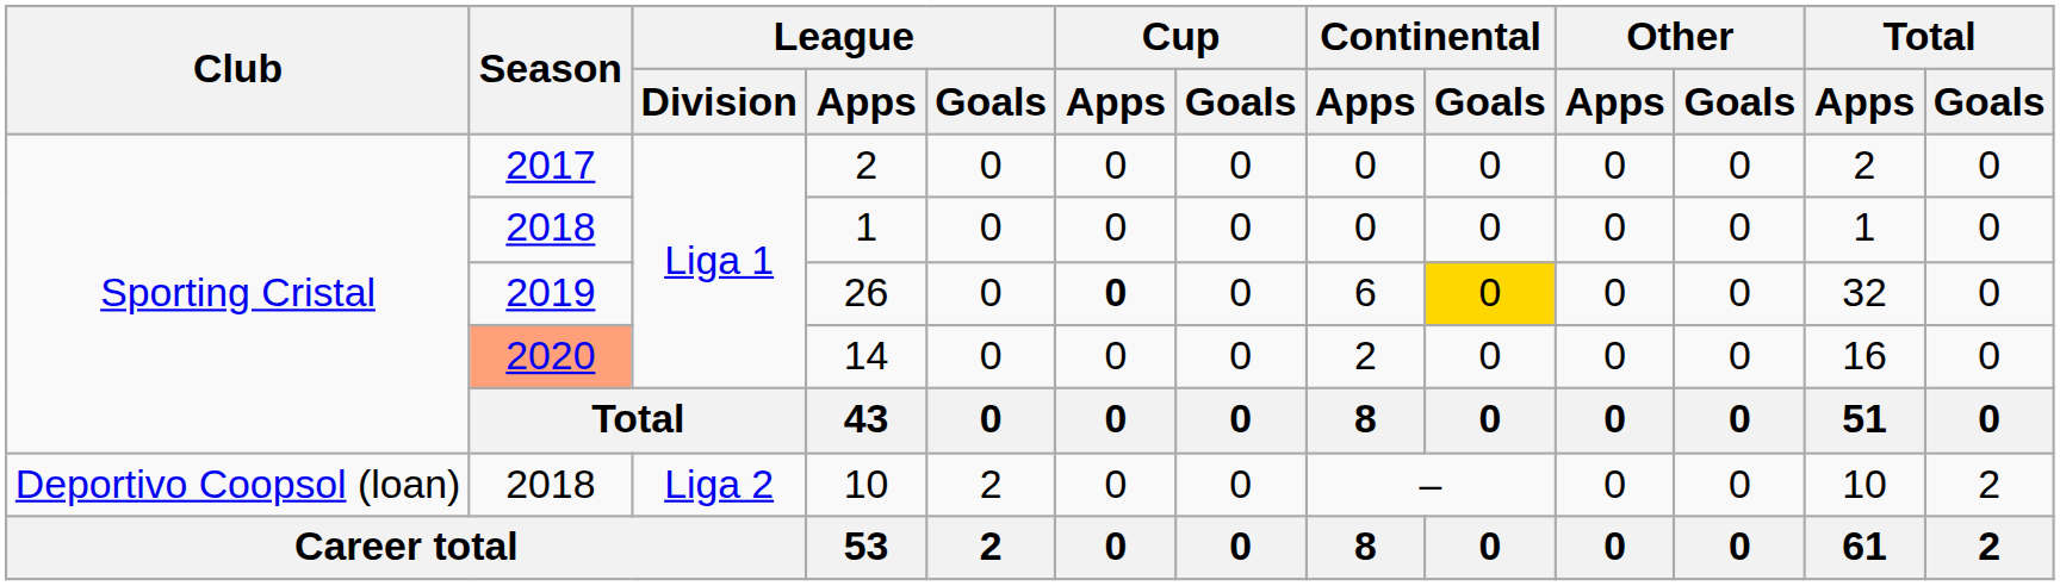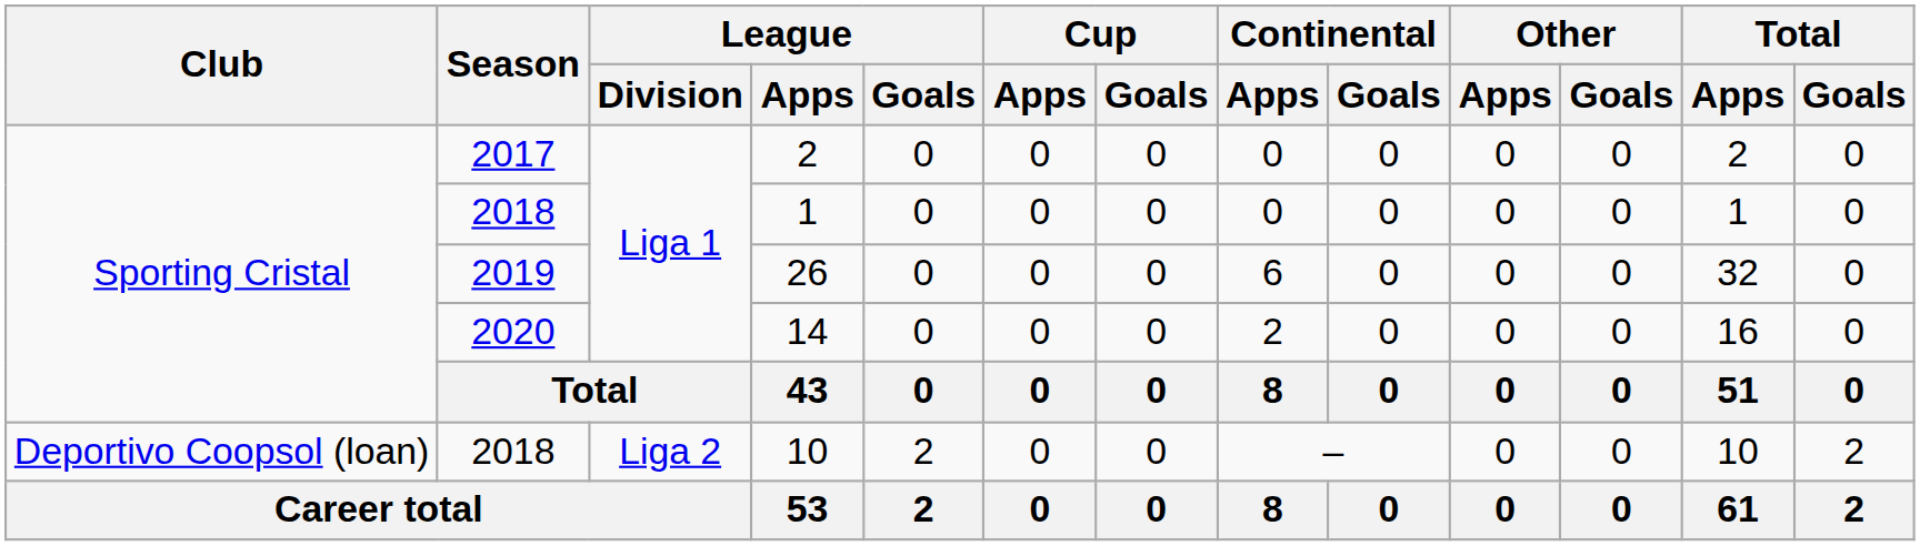 <table class="wikitable" style="text-align: center">
 <tr>
 <th rowspan="2">Club</th>
 <th rowspan="2">Season</th>
 <th colspan="3">League</th>
 <th colspan="2">Cup</th>
 <th colspan="2">Continental</th>
 <th colspan="2">Other</th>
 <th colspan="2">Total</th>
 </tr>
 <tr>
 <th>Division</th>
 <th>Apps</th>
 <th>Goals</th>
 <th>Apps</th>
 <th>Goals</th>
 <th>Apps</th>
 <th>Goals</th>
 <th>Apps</th>
 <th>Goals</th>
 <th>Apps</th>
 <th>Goals</th>
 </tr>
 <tr>
 <td rowspan="5"><a href='#'>Sporting Cristal</a></td>
 <td><a href='#'>2017</a></td>
 <td rowspan="4"><a href='#'>Liga 1</a></td>
 <td>2</td>
 <td>0</td>
 <td>0</td>
 <td>0</td>
 <td>0</td>
 <td>0</td>
 <td>0</td>
 <td>0</td>
 <td>2</td>
 <td>0</td>
 </tr>
 <tr>
 <td><a href='#'>2018</a></td>
 <td>1</td>
 <td>0</td>
 <td>0</td>
 <td>0</td>
 <td>0</td>
 <td>0</td>
 <td>0</td>
 <td>0</td>
 <td>1</td>
 <td>0</td>
 </tr>
 <tr>
 <td><a href='#'>2019</a></td>
 <td>26</td>
 <td>0</td>
-<td><strong>0</strong></td>
+<td>0</td>
 <td>0</td>
 <td>6</td>
-<td style="background: gold;">0</td>
+<td>0</td>
 <td>0</td>
 <td>0</td>
 <td>32</td>
 <td>0</td>
 </tr>
 <tr>
-<td style="background: lightsalmon;"><a href='#'>2020</a></td>
+<td><a href='#'>2020</a></td>
 <td>14</td>
 <td>0</td>
 <td>0</td>
 <td>0</td>
 <td>2</td>
 <td>0</td>
 <td>0</td>
 <td>0</td>
 <td>16</td>
 <td>0</td>
 </tr>
 <tr>
 <th colspan="2"><strong>Total</strong></th>
 <th>43</th>
 <th>0</th>
 <th>0</th>
 <th>0</th>
 <th>8</th>
 <th>0</th>
 <th>0</th>
 <th>0</th>
 <th>51</th>
 <th>0</th>
 </tr>
 <tr>
 <td><a href='#'>Deportivo Coopsol</a> (loan)</td>
 <td>2018</td>
 <td><a href='#'>Liga 2</a></td>
 <td>10</td>
 <td>2</td>
 <td>0</td>
 <td>0</td>
 <td colspan="2">–</td>
 <td>0</td>
 <td>0</td>
 <td>10</td>
 <td>2</td>
 </tr>
 <tr>
 <th colspan="3"><strong>Career total</strong></th>
 <th>53</th>
 <th>2</th>
 <th>0</th>
 <th>0</th>
 <th>8</th>
 <th>0</th>
 <th>0</th>
 <th>0</th>
 <th>61</th>
 <th>2</th>
 </tr>
 </table>
